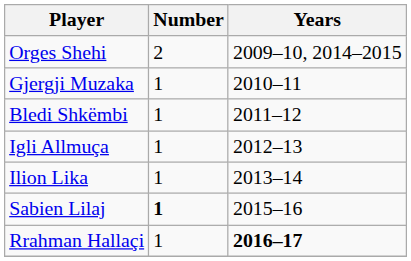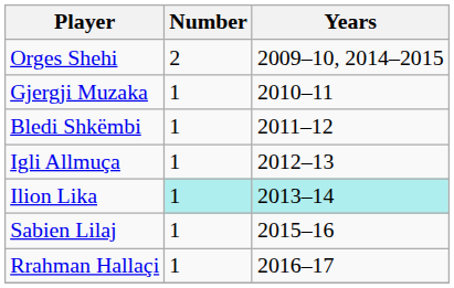 <table class="wikitable plainrowheaders sortable">
 <tr>
 <th scope=col>Player</th>
 <th scope=col>Number</th>
 <th scope=col>Years</th>
 </tr>
 <tr>
 <td><a href='#'>Orges Shehi</a></td>
 <td>2</td>
 <td>2009–10, 2014–2015</td>
 </tr>
 <tr>
 <td><a href='#'>Gjergji Muzaka</a></td>
 <td>1</td>
 <td>2010–11</td>
 </tr>
 <tr>
 <td><a href='#'>Bledi Shkëmbi</a></td>
 <td>1</td>
 <td>2011–12</td>
 </tr>
 <tr>
 <td><a href='#'>Igli Allmuça</a></td>
 <td>1</td>
 <td>2012–13</td>
 </tr>
 <tr>
 <td><a href='#'>Ilion Lika</a></td>
-<td>1</td>
-<td>2013–14</td>
+<td style="background: paleturquoise;">1</td>
+<td style="background: paleturquoise;">2013–14</td>
 </tr>
 <tr>
 <td><a href='#'>Sabien Lilaj</a></td>
-<td><strong>1</strong></td>
+<td>1</td>
 <td>2015–16</td>
 </tr>
 <tr>
 <td><a href='#'>Rrahman Hallaçi</a></td>
 <td>1</td>
-<td><strong>2016–17</strong></td>
+<td>2016–17</td>
 </tr>
 <tr>
 </tr>
 </table>
